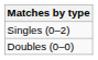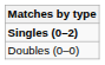 <table class="wikitable" style=font-size:90%>
 <tr>
 <th>Matches by type</th>
 </tr>
 <tr>
-<td>Singles (0–2)</td>
+<td><strong>Singles (0–2)</strong></td>
 </tr>
 <tr>
 <td>Doubles (0–0)</td>
 </tr>
 </table>
